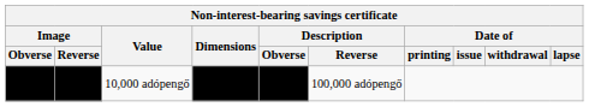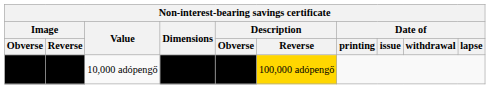 <table class="wikitable" style="font-size: 90%">
 <tr>
 <th colspan="10">Non-interest-bearing savings certificate</th>
 </tr>
 <tr>
 <th colspan="2">Image</th>
 <th rowspan="2">Value</th>
 <th rowspan="2">Dimensions</th>
 <th colspan="2">Description</th>
 <th colspan="4">Date of</th>
 </tr>
 <tr>
 <th>Obverse</th>
 <th>Reverse</th>
 <th>Obverse</th>
 <th>Reverse</th>
 <th>printing</th>
 <th>issue</th>
 <th>withdrawal</th>
 <th>lapse</th>
 </tr>
 <tr>
 <td align="center" bgcolor="#000000"></td>
 <td align="center" bgcolor="#000000"></td>
 <td>10,000 adópengő</td>
 <td align="center" bgcolor="#000000">[<br> ]</td>
 <td align="center" bgcolor="#000000">[<br> ]</td>
-<td>100,000 adópengő</td>
+<td style="background: gold;">100,000 adópengő</td>
 </tr>
 </table>
